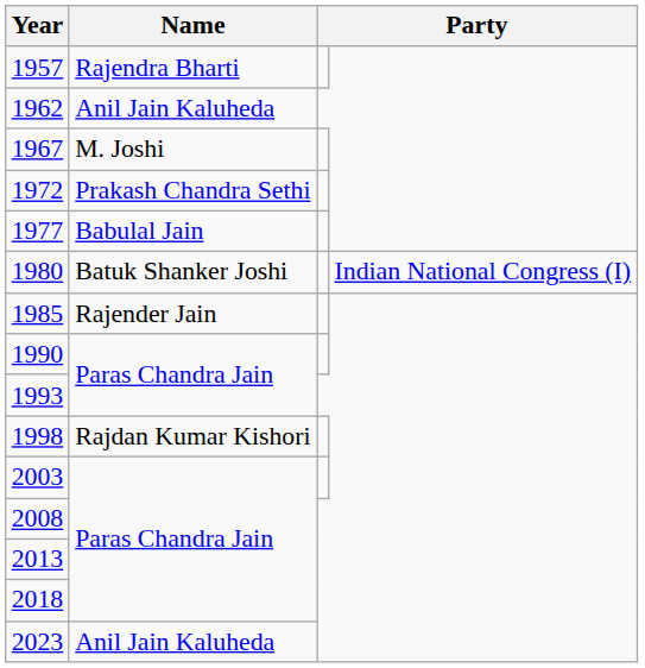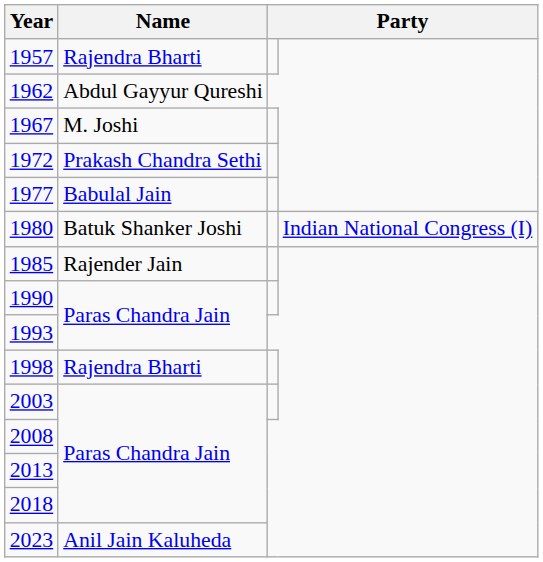 <table class="wikitable">
 <tr>
 <th>Year</th>
 <th>Name</th>
 <th colspan=2>Party</th>
 </tr>
 <tr>
 <td><a href='#'>1957</a></td>
 <td><a href='#'>Rajendra Bharti</a></td>
 <td></td>
 </tr>
 <tr>
 <td><a href='#'>1962</a></td>
-<td><a href='#'>Anil Jain Kaluheda</a></td>
+<td>Abdul Gayyur Qureshi</td>
 </tr>
 <tr>
 <td><a href='#'>1967</a></td>
 <td>M. Joshi</td>
 <td></td>
 </tr>
 <tr>
 <td><a href='#'>1972</a></td>
 <td><a href='#'>Prakash Chandra Sethi</a></td>
 <td></td>
 </tr>
 <tr>
 <td><a href='#'>1977</a></td>
 <td><a href='#'>Babulal Jain</a></td>
 <td></td>
 </tr>
 <tr>
 <td><a href='#'>1980</a></td>
 <td>Batuk Shanker Joshi</td>
 <td style="background-color: "></td>
 <td><a href='#'>Indian National Congress (I)</a></td>
 </tr>
 <tr>
 <td><a href='#'>1985</a></td>
 <td>Rajender Jain</td>
 <td></td>
 </tr>
 <tr>
 <td><a href='#'>1990</a></td>
 <td rowspan="2"><a href='#'>Paras Chandra Jain</a></td>
 <td></td>
 </tr>
 <tr>
 <td><a href='#'>1993</a></td>
 </tr>
 <tr>
 <td><a href='#'>1998</a></td>
-<td>Rajdan Kumar Kishori</td>
+<td><a href='#'>Rajendra Bharti</a></td>
 <td></td>
 </tr>
 <tr>
 <td><a href='#'>2003</a></td>
 <td rowspan="4"><a href='#'>Paras Chandra Jain</a></td>
 <td></td>
 </tr>
 <tr>
 <td><a href='#'>2008</a></td>
 </tr>
 <tr>
 <td><a href='#'>2013</a></td>
 </tr>
 <tr>
 <td><a href='#'>2018</a></td>
 </tr>
 <tr>
 <td><a href='#'>2023</a></td>
 <td><a href='#'>Anil Jain Kaluheda</a></td>
 </tr>
 </table>
